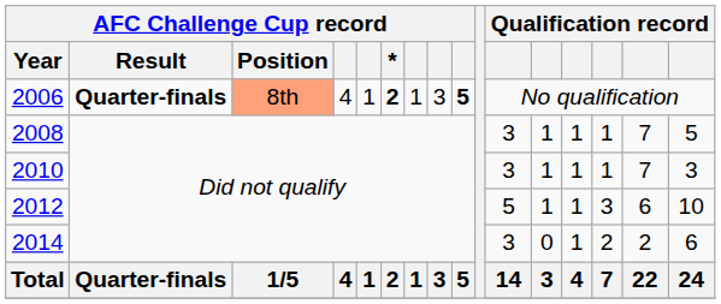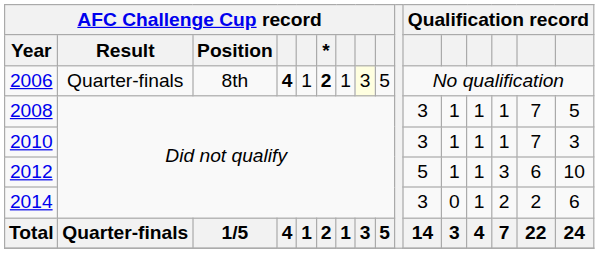 <table class="wikitable" style="text-align: center;">
 <tr>
 <th colspan=9><a href='#'>AFC Challenge Cup</a> record</th>
 <th rowspan=39></th>
 <th colspan=6>Qualification record</th>
 </tr>
 <tr>
 <th>Year</th>
 <th>Result</th>
 <th>Position</th>
 <th></th>
 <th></th>
 <th>*</th>
 <th></th>
 <th></th>
 <th></th>
 <th></th>
 <th></th>
 <th></th>
 <th></th>
 <th></th>
 <th></th>
 </tr>
 <tr>
 <td> <a href='#'>2006</a></td>
-<td><strong>Quarter-finals</strong></td>
-<td style="background: lightsalmon;">8th</td>
-<td>4</td>
+<td>Quarter-finals</td>
+<td>8th</td>
+<td><strong>4</strong></td>
 <td>1</td>
 <td><strong>2</strong></td>
 <td>1</td>
-<td>3</td>
-<td><strong>5</strong></td>
+<td style="background: lightyellow;">3</td>
+<td>5</td>
 <td colspan=6><em>No qualification</em></td>
 </tr>
 <tr>
 <td> <a href='#'>2008</a></td>
 <td colspan=8 rowspan=4><em>Did not qualify</em></td>
 <td>3</td>
 <td>1</td>
 <td>1</td>
 <td>1</td>
 <td>7</td>
 <td>5</td>
 </tr>
 <tr>
 <td> <a href='#'>2010</a></td>
 <td>3</td>
 <td>1</td>
 <td>1</td>
 <td>1</td>
 <td>7</td>
 <td>3</td>
 </tr>
 <tr>
 <td> <a href='#'>2012</a></td>
 <td>5</td>
 <td>1</td>
 <td>1</td>
 <td>3</td>
 <td>6</td>
 <td>10</td>
 </tr>
 <tr>
 <td> <a href='#'>2014</a></td>
 <td>3</td>
 <td>0</td>
 <td>1</td>
 <td>2</td>
 <td>2</td>
 <td>6</td>
 </tr>
 <tr>
 <th>Total</th>
 <th>Quarter-finals</th>
 <th>1/5</th>
 <th>4</th>
 <th>1</th>
 <th>2</th>
 <th>1</th>
 <th>3</th>
 <th>5</th>
 <th>14</th>
 <th>3</th>
 <th>4</th>
 <th>7</th>
 <th>22</th>
 <th>24</th>
 </tr>
 <tr>
 </tr>
 </table>
